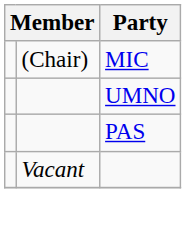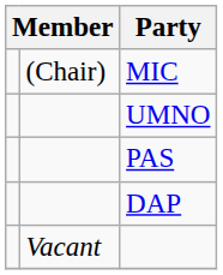 <table class="sortable wikitable">
 <tr>
 <th colspan="2" valign="top">Member</th>
 <th valign="top">Party</th>
 </tr>
 <tr>
 <td></td>
 <td> (Chair)</td>
 <td><a href='#'>MIC</a></td>
 </tr>
 <tr>
 <td></td>
 <td></td>
 <td><a href='#'>UMNO</a></td>
 </tr>
 <tr>
 <td></td>
 <td></td>
 <td><a href='#'>PAS</a></td>
 </tr>
 <tr>
 <td></td>
+<td></td>
+<td><a href='#'>DAP</a></td>
+</tr>
+<tr>
+<td></td>
 <td><em>Vacant</em></td>
 <td></td>
 </tr>
 <tr>
 </tr>
 </table>
